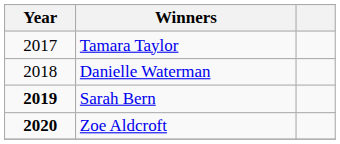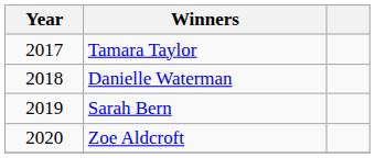 <table class="wikitable">
 <tr>
 <th width=60>Year</th>
 <th width=200>Winners</th>
 <th width=30></th>
 </tr>
 <tr>
 <td align=center>2017</td>
 <td><a href='#'>Tamara Taylor</a></td>
 <td align=center></td>
 </tr>
 <tr>
 <td align=center>2018</td>
 <td><a href='#'>Danielle Waterman</a></td>
 <td align=center></td>
 </tr>
 <tr>
-<td align=center><strong>2019</strong></td>
+<td align=center>2019</td>
 <td><a href='#'>Sarah Bern</a></td>
 <td align=center></td>
 </tr>
 <tr>
-<td align=center><strong>2020</strong></td>
+<td align=center>2020</td>
 <td><a href='#'>Zoe Aldcroft</a></td>
 <td align=center></td>
 </tr>
 <tr>
 </tr>
 </table>
